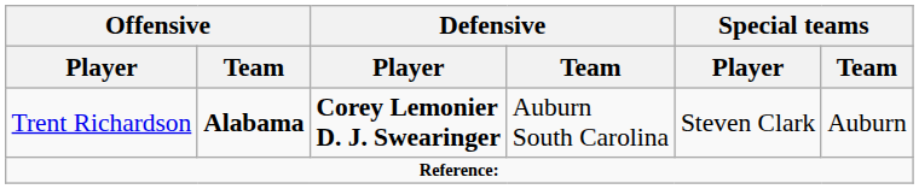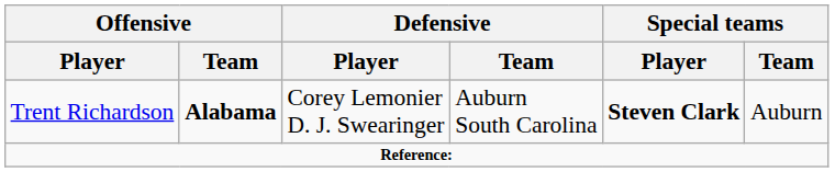 <table class="wikitable" border="1">
 <tr>
 <th colspan="2">Offensive</th>
 <th colspan="2">Defensive</th>
 <th colspan="2">Special teams</th>
 </tr>
 <tr>
 <th>Player</th>
 <th>Team</th>
 <th>Player</th>
 <th>Team</th>
 <th>Player</th>
 <th>Team</th>
 </tr>
 <tr>
 <td><a href='#'>Trent Richardson</a></td>
 <td><strong>Alabama</strong></td>
-<td><strong>Corey Lemonier<br>D. J. Swearinger</strong></td>
+<td>Corey Lemonier<br>D. J. Swearinger</td>
 <td>Auburn<br>South Carolina</td>
-<td>Steven Clark</td>
+<td><strong>Steven Clark</strong></td>
 <td>Auburn</td>
 </tr>
 <tr>
 <td colspan="6" style="font-size: 8pt" align="center"><strong>Reference:</strong></td>
 </tr>
 </table>
